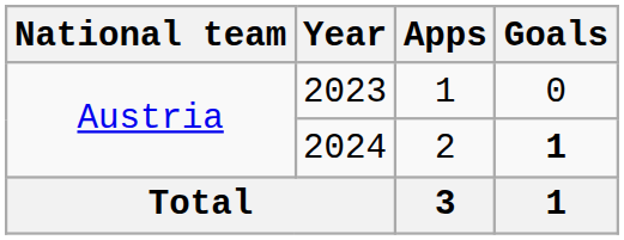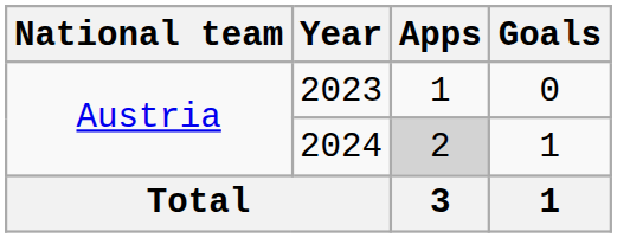 <table class="wikitable" style="text-align:center">
 <tr>
 <th>National team</th>
 <th>Year</th>
 <th>Apps</th>
 <th>Goals</th>
 </tr>
 <tr>
 <td rowspan="2"><a href='#'>Austria</a></td>
 <td>2023</td>
 <td>1</td>
 <td>0</td>
 </tr>
 <tr>
 <td>2024</td>
-<td>2</td>
-<td><strong>1</strong></td>
+<td style="background: lightgrey;">2</td>
+<td>1</td>
 </tr>
 <tr>
 <th colspan="2">Total</th>
 <th>3</th>
 <th>1</th>
 </tr>
 </table>
